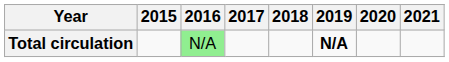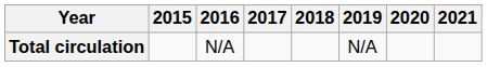 <table class="wikitable center">
 <tr>
 <th>Year</th>
 <th>2015</th>
 <th>2016</th>
 <th>2017</th>
 <th>2018</th>
 <th>2019</th>
 <th>2020</th>
 <th>2021</th>
 </tr>
 <tr align="center">
 <th>Total circulation</th>
 <td></td>
-<td style="background: lightgreen;">N/A</td>
+<td>N/A</td>
 <td></td>
 <td></td>
-<td><strong>N/A</strong></td>
+<td>N/A</td>
 <td></td>
 <td></td>
 </tr>
 </table>
